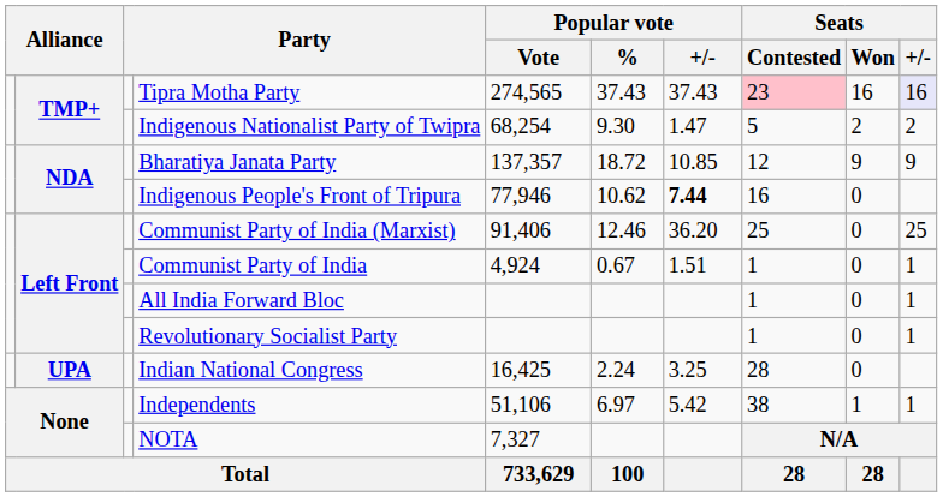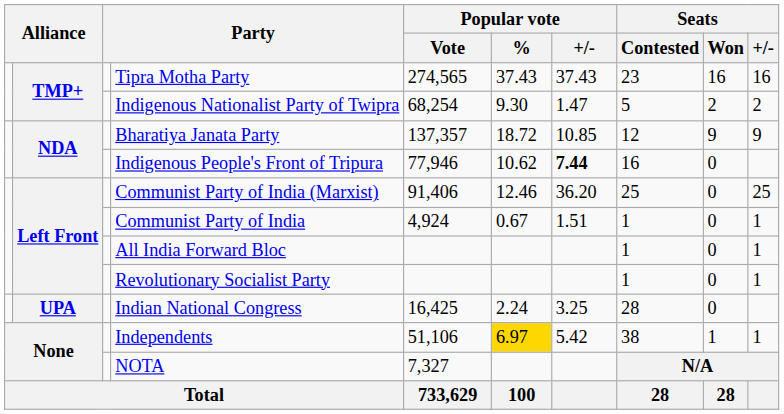 <table class="wikitable sortable">
 <tr>
 <th colspan="2" rowspan="2">Alliance</th>
 <th colspan="2" rowspan="2">Party</th>
 <th colspan="3">Popular vote</th>
 <th colspan="3">Seats</th>
 </tr>
 <tr>
 <th width="70">Vote</th>
 <th width="45">%</th>
 <th width="50">+/-</th>
 <th>Contested</th>
 <th>Won</th>
 <th>+/-</th>
 </tr>
 <tr>
 <td rowspan="2" style="background-color:"></td>
 <th rowspan="2"><a href='#'>TMP+</a></th>
 <td style="background-color:"></td>
 <td><a href='#'>Tipra Motha Party</a></td>
 <td>274,565</td>
 <td>37.43</td>
 <td>37.43</td>
-<td style="background: pink;">23</td>
+<td>23</td>
 <td>16</td>
-<td style="background: lavender;">16</td>
+<td>16</td>
 </tr>
 <tr>
 <td style="background-color: "></td>
 <td><a href='#'>Indigenous Nationalist Party of Twipra</a></td>
 <td>68,254</td>
 <td>9.30</td>
 <td>1.47</td>
 <td>5</td>
 <td>2</td>
 <td>2</td>
 </tr>
 <tr>
 <td rowspan="2" bgcolor=></td>
 <th rowspan="2"><a href='#'>NDA</a></th>
 <td style="background-color:"></td>
 <td><a href='#'>Bharatiya Janata Party</a></td>
 <td>137,357</td>
 <td>18.72</td>
 <td>10.85</td>
 <td>12</td>
 <td>9</td>
 <td>9</td>
 </tr>
 <tr>
 <td bgcolor=></td>
 <td><a href='#'>Indigenous People's Front of Tripura</a></td>
 <td>77,946</td>
 <td>10.62</td>
 <td><strong>7.44</strong></td>
 <td>16</td>
 <td>0</td>
 <td></td>
 </tr>
 <tr>
 <td rowspan="4" style="background-color:"></td>
 <th rowspan="4"><a href='#'>Left Front</a></th>
 <td style="background-color:"></td>
 <td><a href='#'>Communist Party of India (Marxist)</a></td>
 <td>91,406</td>
 <td>12.46</td>
 <td>36.20</td>
 <td>25</td>
 <td>0</td>
 <td>25</td>
 </tr>
 <tr>
 <td style="background-color: "></td>
 <td><a href='#'>Communist Party of India</a></td>
 <td>4,924</td>
 <td>0.67</td>
 <td>1.51</td>
 <td>1</td>
 <td>0</td>
 <td>1</td>
 </tr>
 <tr>
 <td style="background-color: "></td>
 <td><a href='#'>All India Forward Bloc</a></td>
 <td></td>
 <td></td>
 <td></td>
 <td>1</td>
 <td>0</td>
 <td>1</td>
 </tr>
 <tr>
 <td style="background-color: "></td>
 <td><a href='#'>Revolutionary Socialist Party</a></td>
 <td></td>
 <td></td>
 <td></td>
 <td>1</td>
 <td>0</td>
 <td>1</td>
 </tr>
 <tr>
 <td></td>
 <th><a href='#'>UPA</a></th>
 <td bgcolor=></td>
 <td><a href='#'>Indian National Congress</a></td>
 <td>16,425</td>
 <td>2.24</td>
 <td>3.25</td>
 <td>28</td>
 <td>0</td>
 <td></td>
 </tr>
 <tr>
 <th Colspan="2" rowspan="2">None</th>
 <td style="background-color:"></td>
 <td><a href='#'>Independents</a></td>
 <td>51,106</td>
-<td>6.97</td>
+<td style="background: gold;">6.97</td>
 <td>5.42</td>
 <td>38</td>
 <td>1</td>
 <td>1</td>
 </tr>
 <tr>
 <td></td>
 <td><a href='#'>NOTA</a></td>
 <td>7,327</td>
 <td></td>
 <td></td>
 <th colspan="3"><strong>N/A</strong></th>
 </tr>
 <tr style="font-weight:bold;">
 <th align="left" colspan="4">Total</th>
 <th>733,629</th>
 <th>100</th>
 <th></th>
 <th>28</th>
 <th>28</th>
 <th></th>
 </tr>
 </table>
